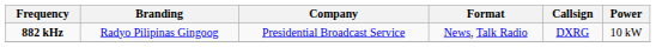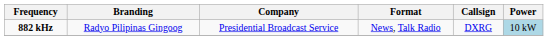 <table class="wikitable" style="width:100%; text-align:center;">
 <tr>
 <th>Frequency</th>
 <th>Branding</th>
 <th>Company</th>
 <th>Format</th>
 <th>Callsign</th>
 <th>Power</th>
 </tr>
 <tr>
 <td><strong>882 kHz</strong></td>
 <td><a href='#'>Radyo Pilipinas Gingoog</a></td>
 <td><a href='#'>Presidential Broadcast Service</a></td>
 <td><a href='#'>News</a>, <a href='#'>Talk Radio</a></td>
 <td><a href='#'>DXRG</a></td>
-<td>10 kW</td>
+<td style="background: lightblue;">10 kW</td>
 </tr>
 <tr>
 </tr>
 </table>
